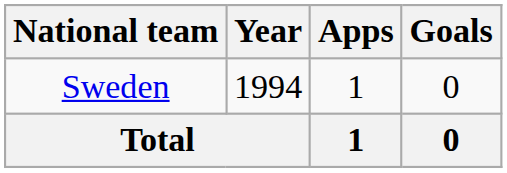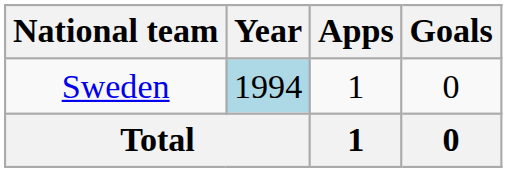 <table class=wikitable style="text-align: center">
 <tr>
 <th>National team</th>
 <th>Year</th>
 <th>Apps</th>
 <th>Goals</th>
 </tr>
 <tr>
 <td><a href='#'>Sweden</a></td>
-<td>1994</td>
+<td style="background: lightblue;">1994</td>
 <td>1</td>
 <td>0</td>
 </tr>
 <tr>
 <th colspan=2>Total</th>
 <th>1</th>
 <th>0</th>
 </tr>
 </table>
